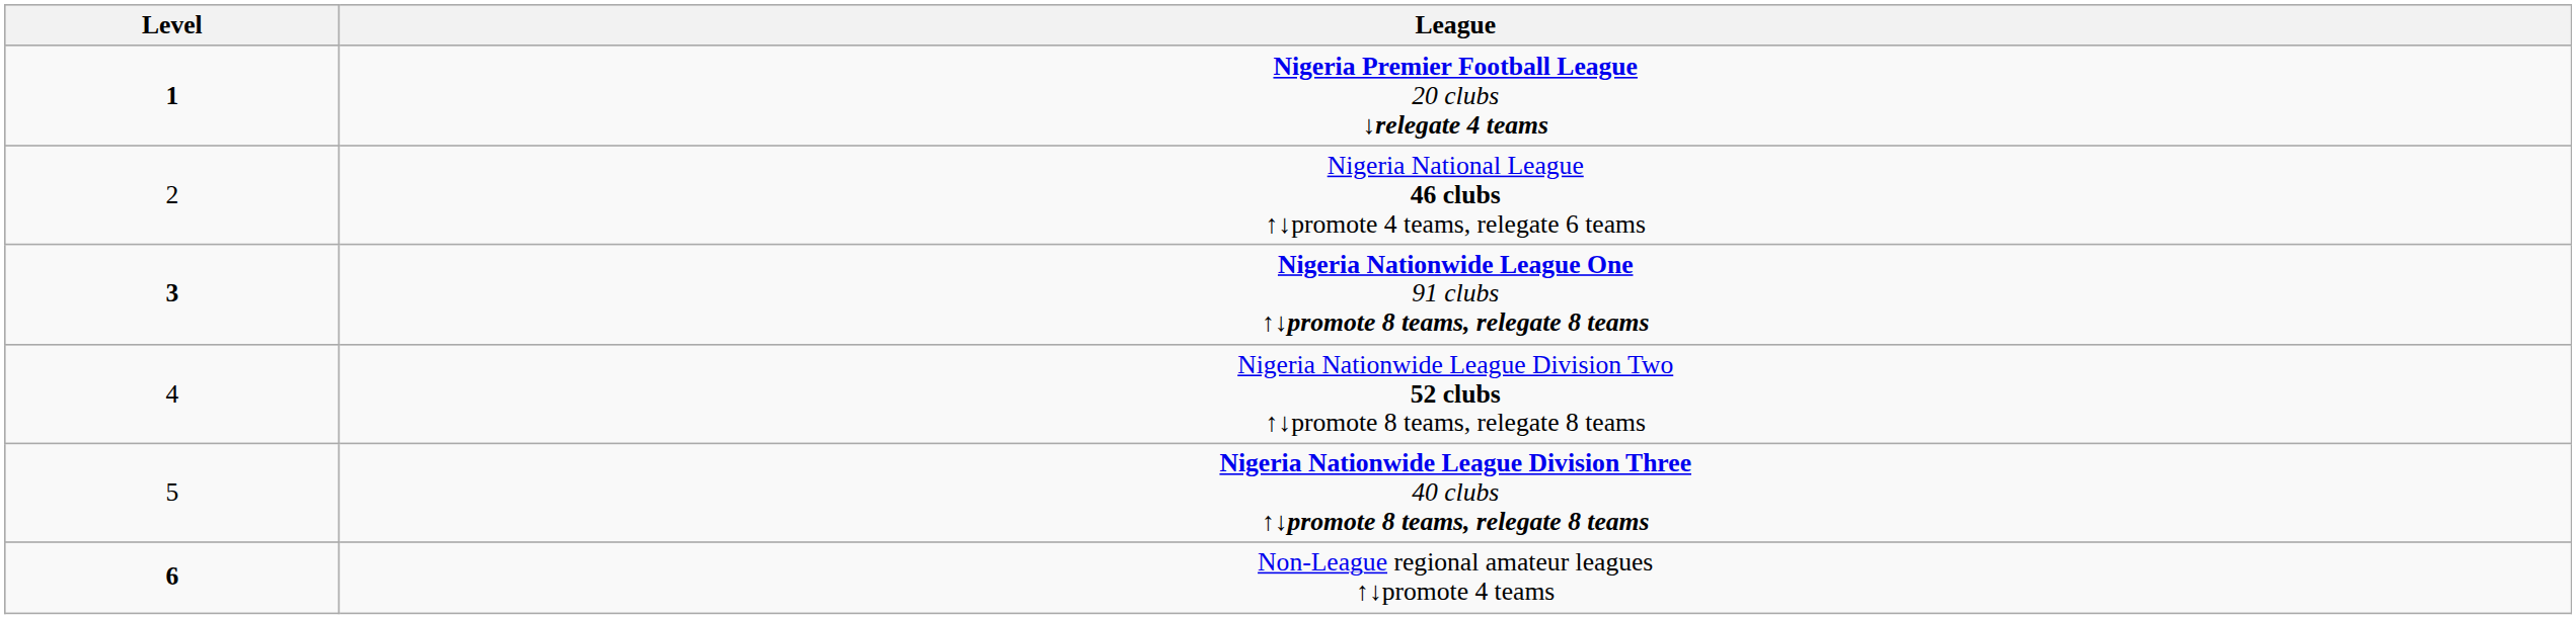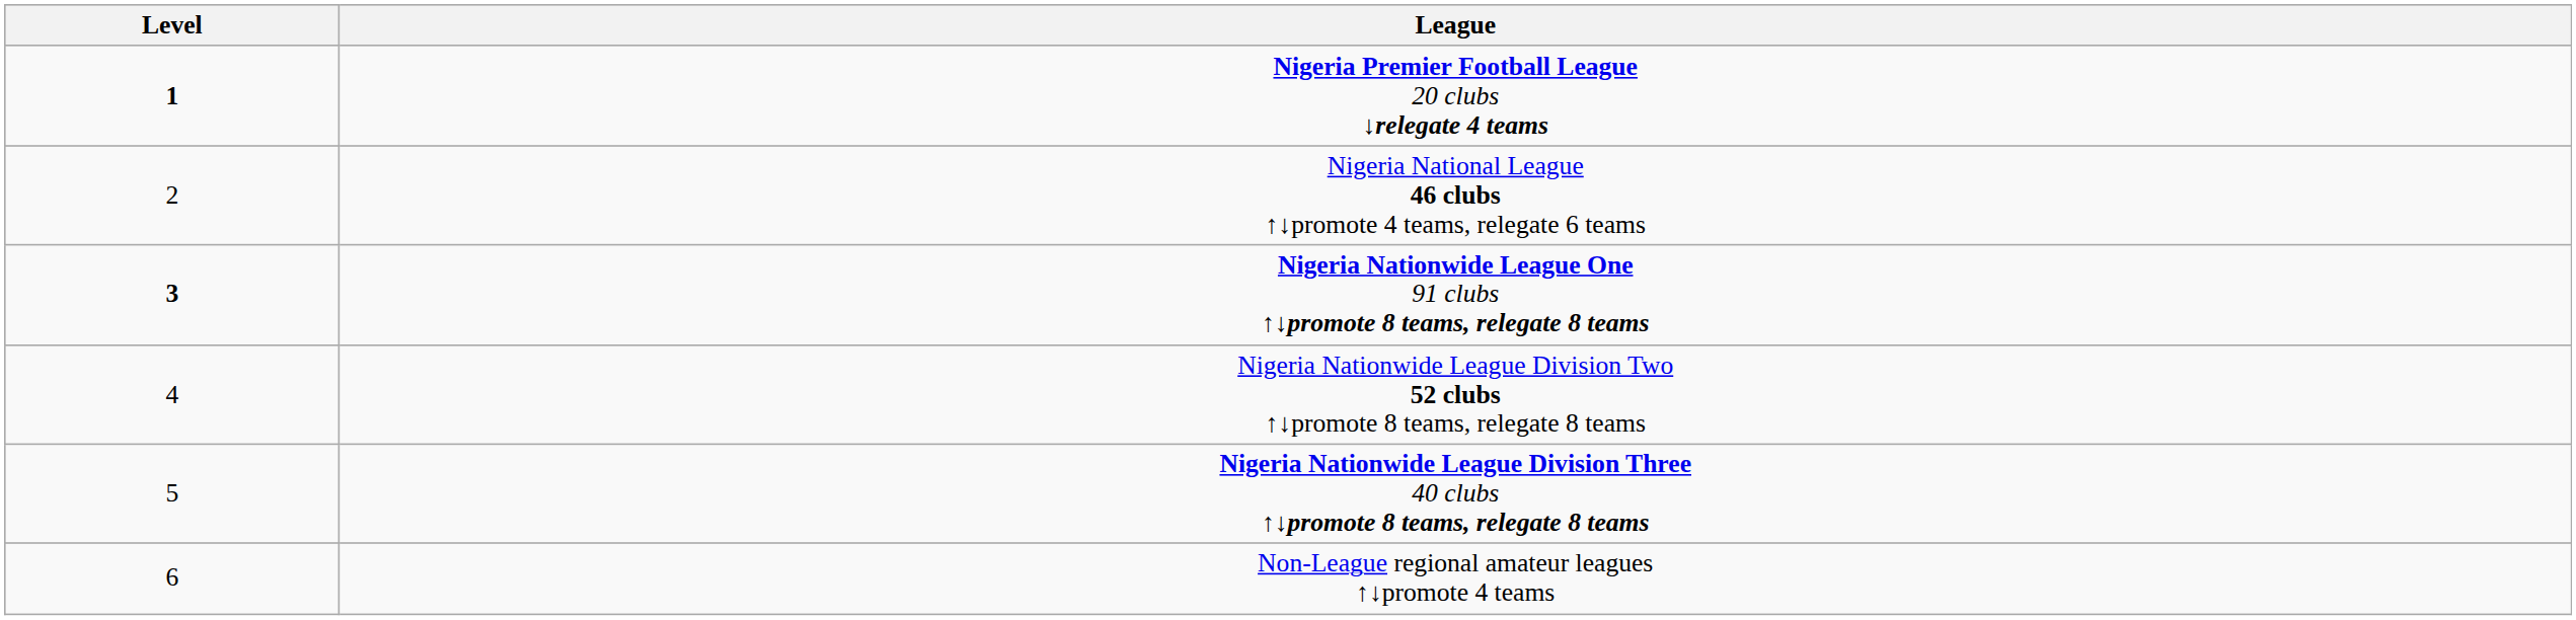 <table class="wikitable" style="text-align: center;" width="100%">
 <tr>
 <th>Level</th>
 <th>League</th>
 </tr>
 <tr>
 <td><strong>1</strong></td>
 <td><strong><a href='#'>Nigeria Premier Football League</a></strong> <br><em>20 clubs</em><br><strong><em>↓<strong>relegate 4 teams<em></td>
 </tr>
 <tr>
 <td></strong>2<strong></td>
 <td></strong><a href='#'>Nigeria National League</a><strong> <br></em>46 clubs<em><br></em></strong>↑↓</strong>promote 4 teams, relegate 6 teams</em></td>
 </tr>
 <tr>
 <td><strong>3</strong></td>
 <td><strong><a href='#'>Nigeria Nationwide League One</a></strong> <br><em>91 clubs</em><br><strong><em>↑↓<strong>promote 8 teams, relegate 8 teams<em></td>
 </tr>
 <tr>
 <td>4</td>
 <td></strong><a href='#'>Nigeria Nationwide League Division Two</a><strong><br></em>52 clubs<em><br></em></strong>↑↓</strong>promote 8 teams, relegate 8 teams</em></td>
 </tr>
 <tr>
 <td>5</td>
 <td><strong><a href='#'>Nigeria Nationwide League Division Three</a></strong><br><em>40 clubs</em><br><strong><em>↑↓<strong>promote 8 teams, relegate 8 teams<em></td>
 </tr>
 <tr>
-<td><strong>6</strong></td>
+<td>6</td>
 <td></strong><a href='#'>Non-League</a> regional amateur leagues<br></em></strong>↑↓promote 4 teams</em></td>
 </tr>
 </table>
